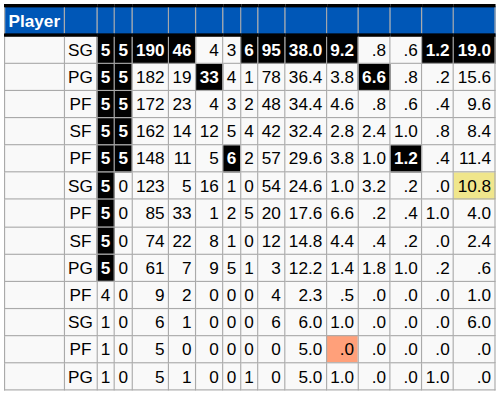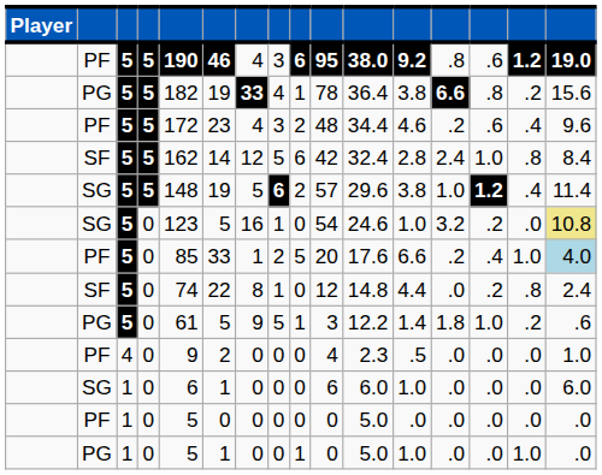 <table class="wikitable sortable" style="font-size: 95%; text-align:right;">
 <tr>
 <th style="background:#0057B7; color:#FFFFFF; border-top:#010101 3px solid; border-bottom:#010101 3px solid;">Player</th>
 <th style="background:#0057B7; color:#FFFFFF; border-top:#010101 3px solid; border-bottom:#010101 3px solid;"></th>
 <th style="background:#0057B7; color:#FFFFFF; border-top:#010101 3px solid; border-bottom:#010101 3px solid;"></th>
 <th style="background:#0057B7; color:#FFFFFF; border-top:#010101 3px solid; border-bottom:#010101 3px solid;"></th>
 <th style="background:#0057B7; color:#FFFFFF; border-top:#010101 3px solid; border-bottom:#010101 3px solid;"></th>
 <th style="background:#0057B7; color:#FFFFFF; border-top:#010101 3px solid; border-bottom:#010101 3px solid;"></th>
 <th style="background:#0057B7; color:#FFFFFF; border-top:#010101 3px solid; border-bottom:#010101 3px solid;"></th>
 <th style="background:#0057B7; color:#FFFFFF; border-top:#010101 3px solid; border-bottom:#010101 3px solid;"></th>
 <th style="background:#0057B7; color:#FFFFFF; border-top:#010101 3px solid; border-bottom:#010101 3px solid;"></th>
 <th style="background:#0057B7; color:#FFFFFF; border-top:#010101 3px solid; border-bottom:#010101 3px solid;"></th>
 <th style="background:#0057B7; color:#FFFFFF; border-top:#010101 3px solid; border-bottom:#010101 3px solid;"></th>
 <th style="background:#0057B7; color:#FFFFFF; border-top:#010101 3px solid; border-bottom:#010101 3px solid;"></th>
 <th style="background:#0057B7; color:#FFFFFF; border-top:#010101 3px solid; border-bottom:#010101 3px solid;"></th>
 <th style="background:#0057B7; color:#FFFFFF; border-top:#010101 3px solid; border-bottom:#010101 3px solid;"></th>
 <th style="background:#0057B7; color:#FFFFFF; border-top:#010101 3px solid; border-bottom:#010101 3px solid;"></th>
 <th style="background:#0057B7; color:#FFFFFF; border-top:#010101 3px solid; border-bottom:#010101 3px solid;"></th>
 </tr>
 <tr>
 <td style="text-align:left;"></td>
-<td style="text-align:center;">SG</td>
+<td style="text-align:center;">PF</td>
 <td style="background:#010101; color:#FFFFFF;"><strong>5</strong></td>
 <td style="background:#010101; color:#FFFFFF;"><strong>5</strong></td>
 <td style="background:#010101; color:#FFFFFF;"><strong>190</strong></td>
 <td style="background:#010101; color:#FFFFFF;"><strong>46</strong></td>
 <td>4</td>
 <td>3</td>
 <td style="background:#010101; color:#FFFFFF;"><strong>6</strong></td>
 <td style="background:#010101; color:#FFFFFF;"><strong>95</strong></td>
 <td style="background:#010101; color:#FFFFFF;"><strong>38.0</strong></td>
 <td style="background:#010101; color:#FFFFFF;"><strong>9.2</strong></td>
 <td>.8</td>
 <td>.6</td>
 <td style="background:#010101; color:#FFFFFF;"><strong>1.2</strong></td>
 <td style="background:#010101; color:#FFFFFF;"><strong>19.0</strong></td>
 </tr>
 <tr>
 <td style="text-align:left;"></td>
 <td style="text-align:center;">PG</td>
 <td style="background:#010101; color:#FFFFFF;"><strong>5</strong></td>
 <td style="background:#010101; color:#FFFFFF;"><strong>5</strong></td>
 <td>182</td>
 <td>19</td>
 <td style="background:#010101; color:#FFFFFF;"><strong>33</strong></td>
 <td>4</td>
 <td>1</td>
 <td>78</td>
 <td>36.4</td>
 <td>3.8</td>
 <td style="background:#010101; color:#FFFFFF;"><strong>6.6</strong></td>
 <td>.8</td>
 <td>.2</td>
 <td>15.6</td>
 </tr>
 <tr>
 <td style="text-align:left;"></td>
 <td style="text-align:center;">PF</td>
 <td style="background:#010101; color:#FFFFFF;"><strong>5</strong></td>
 <td style="background:#010101; color:#FFFFFF;"><strong>5</strong></td>
 <td>172</td>
 <td>23</td>
 <td>4</td>
 <td>3</td>
 <td>2</td>
 <td>48</td>
 <td>34.4</td>
 <td>4.6</td>
-<td>.8</td>
+<td>.2</td>
 <td>.6</td>
 <td>.4</td>
 <td>9.6</td>
 </tr>
 <tr>
 <td style="text-align:left;"></td>
 <td style="text-align:center;">SF</td>
 <td style="background:#010101; color:#FFFFFF;"><strong>5</strong></td>
 <td style="background:#010101; color:#FFFFFF;"><strong>5</strong></td>
 <td>162</td>
 <td>14</td>
 <td>12</td>
 <td>5</td>
-<td>4</td>
+<td>6</td>
 <td>42</td>
 <td>32.4</td>
 <td>2.8</td>
 <td>2.4</td>
 <td>1.0</td>
 <td>.8</td>
 <td>8.4</td>
 </tr>
 <tr>
 <td style="text-align:left;"></td>
-<td style="text-align:center;">PF</td>
+<td style="text-align:center;">SG</td>
 <td style="background:#010101; color:#FFFFFF;"><strong>5</strong></td>
 <td style="background:#010101; color:#FFFFFF;"><strong>5</strong></td>
 <td>148</td>
-<td>11</td>
+<td>19</td>
 <td>5</td>
 <td style="background:#010101; color:#FFFFFF;"><strong>6</strong></td>
 <td>2</td>
 <td>57</td>
 <td>29.6</td>
 <td>3.8</td>
 <td>1.0</td>
 <td style="background:#010101; color:#FFFFFF;"><strong>1.2</strong></td>
 <td>.4</td>
 <td>11.4</td>
 </tr>
 <tr>
 <td style="text-align:left;"></td>
 <td style="text-align:center;">SG</td>
 <td style="background:#010101; color:#FFFFFF;"><strong>5</strong></td>
 <td>0</td>
 <td>123</td>
 <td>5</td>
 <td>16</td>
 <td>1</td>
 <td>0</td>
 <td>54</td>
 <td>24.6</td>
 <td>1.0</td>
 <td>3.2</td>
 <td>.2</td>
 <td>.0</td>
 <td style="background: khaki;">10.8</td>
 </tr>
 <tr>
 <td style="text-align:left;"></td>
 <td style="text-align:center;">PF</td>
 <td style="background:#010101; color:#FFFFFF;"><strong>5</strong></td>
 <td>0</td>
 <td>85</td>
 <td>33</td>
 <td>1</td>
 <td>2</td>
 <td>5</td>
 <td>20</td>
 <td>17.6</td>
 <td>6.6</td>
 <td>.2</td>
 <td>.4</td>
 <td>1.0</td>
-<td>4.0</td>
+<td style="background: lightblue;">4.0</td>
 </tr>
 <tr>
 <td style="text-align:left;"></td>
 <td style="text-align:center;">SF</td>
 <td style="background:#010101; color:#FFFFFF;"><strong>5</strong></td>
 <td>0</td>
 <td>74</td>
 <td>22</td>
 <td>8</td>
 <td>1</td>
 <td>0</td>
 <td>12</td>
 <td>14.8</td>
 <td>4.4</td>
-<td>.4</td>
+<td>.0</td>
 <td>.2</td>
-<td>.0</td>
+<td>.8</td>
 <td>2.4</td>
 </tr>
 <tr>
 <td style="text-align:left;"></td>
 <td style="text-align:center;">PG</td>
 <td style="background:#010101; color:#FFFFFF;"><strong>5</strong></td>
 <td>0</td>
 <td>61</td>
-<td>7</td>
+<td>5</td>
 <td>9</td>
 <td>5</td>
 <td>1</td>
 <td>3</td>
 <td>12.2</td>
 <td>1.4</td>
 <td>1.8</td>
 <td>1.0</td>
 <td>.2</td>
 <td>.6</td>
 </tr>
 <tr>
 <td style="text-align:left;"></td>
 <td style="text-align:center;">PF</td>
 <td>4</td>
 <td>0</td>
 <td>9</td>
 <td>2</td>
 <td>0</td>
 <td>0</td>
 <td>0</td>
 <td>4</td>
 <td>2.3</td>
 <td>.5</td>
 <td>.0</td>
 <td>.0</td>
 <td>.0</td>
 <td>1.0</td>
 </tr>
 <tr>
 <td style="text-align:left;"></td>
 <td style="text-align:center;">SG</td>
 <td>1</td>
 <td>0</td>
 <td>6</td>
 <td>1</td>
 <td>0</td>
 <td>0</td>
 <td>0</td>
 <td>6</td>
 <td>6.0</td>
 <td>1.0</td>
 <td>.0</td>
 <td>.0</td>
 <td>.0</td>
 <td>6.0</td>
 </tr>
 <tr>
 <td style="text-align:left;"></td>
 <td style="text-align:center;">PF</td>
 <td>1</td>
 <td>0</td>
 <td>5</td>
 <td>0</td>
 <td>0</td>
 <td>0</td>
 <td>0</td>
 <td>0</td>
 <td>5.0</td>
-<td style="background: lightsalmon;">.0</td>
+<td>.0</td>
 <td>.0</td>
 <td>.0</td>
 <td>.0</td>
 <td>.0</td>
 </tr>
 <tr>
 <td style="text-align:left;"></td>
 <td style="text-align:center;">PG</td>
 <td>1</td>
 <td>0</td>
 <td>5</td>
 <td>1</td>
 <td>0</td>
 <td>0</td>
 <td>1</td>
 <td>0</td>
 <td>5.0</td>
 <td>1.0</td>
 <td>.0</td>
 <td>.0</td>
 <td>1.0</td>
 <td>.0</td>
 </tr>
 </table>
